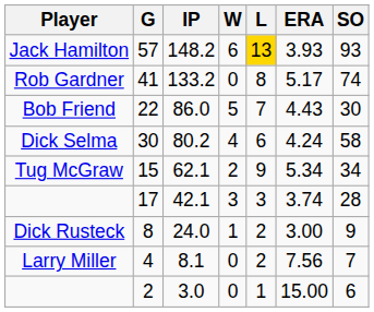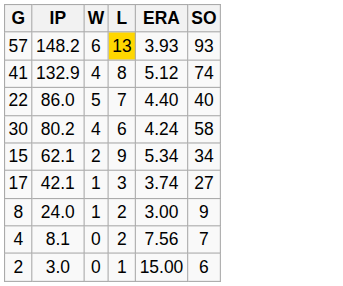 <table class="wikitable sortable">
 <tr>
-<th>Player</th>
 <th>G</th>
 <th>IP</th>
 <th>W</th>
 <th>L</th>
 <th>ERA</th>
 <th>SO</th>
 </tr>
 <tr align="center">
-<td><a href='#'>Jack Hamilton</a></td>
 <td>57</td>
 <td>148.2</td>
 <td>6</td>
 <td style="background: gold;">13</td>
 <td>3.93</td>
 <td>93</td>
 </tr>
 <tr align="center">
-<td><a href='#'>Rob Gardner</a></td>
 <td>41</td>
-<td>133.2</td>
-<td>0</td>
+<td>132.9</td>
+<td>4</td>
 <td>8</td>
-<td>5.17</td>
+<td>5.12</td>
 <td>74</td>
 </tr>
 <tr align="center">
-<td><a href='#'>Bob Friend</a></td>
 <td>22</td>
 <td>86.0</td>
 <td>5</td>
 <td>7</td>
-<td>4.43</td>
-<td>30</td>
+<td>4.40</td>
+<td>40</td>
 </tr>
 <tr align="center">
-<td><a href='#'>Dick Selma</a></td>
 <td>30</td>
 <td>80.2</td>
 <td>4</td>
 <td>6</td>
 <td>4.24</td>
 <td>58</td>
 </tr>
 <tr align="center">
-<td><a href='#'>Tug McGraw</a></td>
 <td>15</td>
 <td>62.1</td>
 <td>2</td>
 <td>9</td>
 <td>5.34</td>
 <td>34</td>
 </tr>
 <tr align="center">
-<td></td>
 <td>17</td>
 <td>42.1</td>
-<td>3</td>
+<td>1</td>
 <td>3</td>
 <td>3.74</td>
-<td>28</td>
+<td>27</td>
 </tr>
 <tr align="center">
-<td><a href='#'>Dick Rusteck</a></td>
 <td>8</td>
 <td>24.0</td>
 <td>1</td>
 <td>2</td>
 <td>3.00</td>
 <td>9</td>
 </tr>
 <tr align="center">
-<td><a href='#'>Larry Miller</a></td>
 <td>4</td>
 <td>8.1</td>
 <td>0</td>
 <td>2</td>
 <td>7.56</td>
 <td>7</td>
 </tr>
 <tr align="center">
-<td></td>
 <td>2</td>
 <td>3.0</td>
 <td>0</td>
 <td>1</td>
 <td>15.00</td>
 <td>6</td>
 </tr>
 </table>
